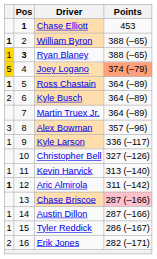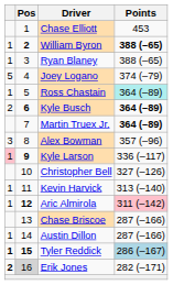 <table class="wikitable" style="font-size: 95%">
 <tr>
 <th></th>
 <th>Pos</th>
 <th>Driver</th>
 <th>Points</th>
 </tr>
 <tr>
 <td align="left"></td>
-<td style="text-align:center;"><strong>1</strong></td>
+<td style="text-align:center;">1</td>
 <td style="background:#FFDEAD;"><a href='#'>Chase Elliott</a></td>
 <td style="text-align:center;">453</td>
 </tr>
 <tr>
-<td align="left"><strong> 1</strong></td>
-<td style="text-align:center;">2</td>
+<td align="left"> 1</td>
+<td style="text-align:center;"><strong>2</strong></td>
 <td style="background:#FFDEAD;"><a href='#'>William Byron</a></td>
-<td style="text-align:center;">388 (–65)</td>
+<td style="text-align:center;"><strong>388 (–65)</strong></td>
 </tr>
 <tr>
-<td align="left" style="background: gold;"> 1</td>
-<td style="text-align:center;"><strong>3</strong></td>
+<td align="left"> 1</td>
+<td style="text-align:center;">3</td>
 <td><a href='#'>Ryan Blaney</a></td>
 <td style="text-align:center;">388 (–65)</td>
 </tr>
 <tr>
-<td align="left" style="background: gold;"> 5</td>
+<td align="left"> 5</td>
 <td style="text-align:center;">4</td>
 <td style="background:#FFDEAD;"><a href='#'>Joey Logano</a></td>
-<td style="background: lightsalmon; text-align:center;">374 (–79)</td>
+<td style="text-align:center;">374 (–79)</td>
 </tr>
 <tr>
-<td align="left"><strong> 1</strong></td>
+<td align="left"> 1</td>
 <td style="text-align:center;">5</td>
 <td style="background:#FFDEAD;"><a href='#'>Ross Chastain</a></td>
-<td style="text-align:center;">364 (–89)</td>
+<td style="background: paleturquoise; text-align:center;">364 (–89)</td>
 </tr>
 <tr>
 <td align="left"> 2</td>
-<td style="text-align:center;">6</td>
+<td style="text-align:center;"><strong>6</strong></td>
 <td style="background:#FFDEAD;"><a href='#'>Kyle Busch</a></td>
-<td style="text-align:center;">364 (–89)</td>
+<td style="text-align:center;"><strong>364 (–89)</strong></td>
 </tr>
 <tr>
 <td align="left"></td>
 <td style="text-align:center;">7</td>
 <td><a href='#'>Martin Truex Jr.</a></td>
-<td style="text-align:center;">364 (–89)</td>
+<td style="text-align:center;"><strong>364 (–89)</strong></td>
 </tr>
 <tr>
 <td align="left"> 3</td>
 <td style="text-align:center;">8</td>
 <td style="background:#FFDEAD;"><a href='#'>Alex Bowman</a></td>
 <td style="text-align:center;">357 (–96)</td>
 </tr>
 <tr>
-<td align="left"> 1</td>
-<td style="text-align:center;">9</td>
+<td align="left" style="background: pink;"> 1</td>
+<td style="text-align:center;"><strong>9</strong></td>
 <td style="background:#FFDEAD;"><a href='#'>Kyle Larson</a></td>
 <td style="text-align:center;">336 (–117)</td>
 </tr>
 <tr>
 <td align="left"></td>
 <td style="text-align:center;">10</td>
 <td><a href='#'>Christopher Bell</a></td>
 <td style="text-align:center;">327 (–126)</td>
 </tr>
 <tr>
 <td align="left"> 1</td>
 <td style="text-align:center;">11</td>
 <td><a href='#'>Kevin Harvick</a></td>
 <td style="text-align:center;">313 (–140)</td>
 </tr>
 <tr>
-<td align="left"><strong> 1</strong></td>
-<td style="text-align:center;">12</td>
+<td align="left"> 1</td>
+<td style="text-align:center;"><strong>12</strong></td>
 <td><a href='#'>Aric Almirola</a></td>
-<td style="text-align:center;">311 (–142)</td>
+<td style="background: pink; text-align:center;">311 (–142)</td>
 </tr>
 <tr>
 <td align="left"></td>
 <td style="text-align:center;">13</td>
 <td style="background:#FFDEAD;"><a href='#'>Chase Briscoe</a></td>
-<td style="background: pink; text-align:center;">287 (–166)</td>
+<td style="text-align:center;">287 (–166)</td>
 </tr>
 <tr>
 <td align="left"> 1</td>
 <td style="text-align:center;">14</td>
 <td><a href='#'>Austin Dillon</a></td>
 <td style="text-align:center;">287 (–166)</td>
 </tr>
 <tr>
-<td align="left"> 1</td>
-<td style="text-align:center;">15</td>
+<td align="left"><strong> 1</strong></td>
+<td style="text-align:center;"><strong>15</strong></td>
 <td><a href='#'>Tyler Reddick</a></td>
-<td style="text-align:center;">286 (–167)</td>
+<td style="background: lightblue; text-align:center;">286 (–167)</td>
 </tr>
 <tr>
-<td align="left"> 2</td>
-<td style="text-align:center;">16</td>
+<td align="left"><strong> 2</strong></td>
+<td style="background: lightgrey; text-align:center;">16</td>
 <td><a href='#'>Erik Jones</a></td>
 <td style="text-align:center;">282 (–171)</td>
 </tr>
 <tr class="sortbottom">
 <th colspan="9"></th>
 </tr>
 </table>
